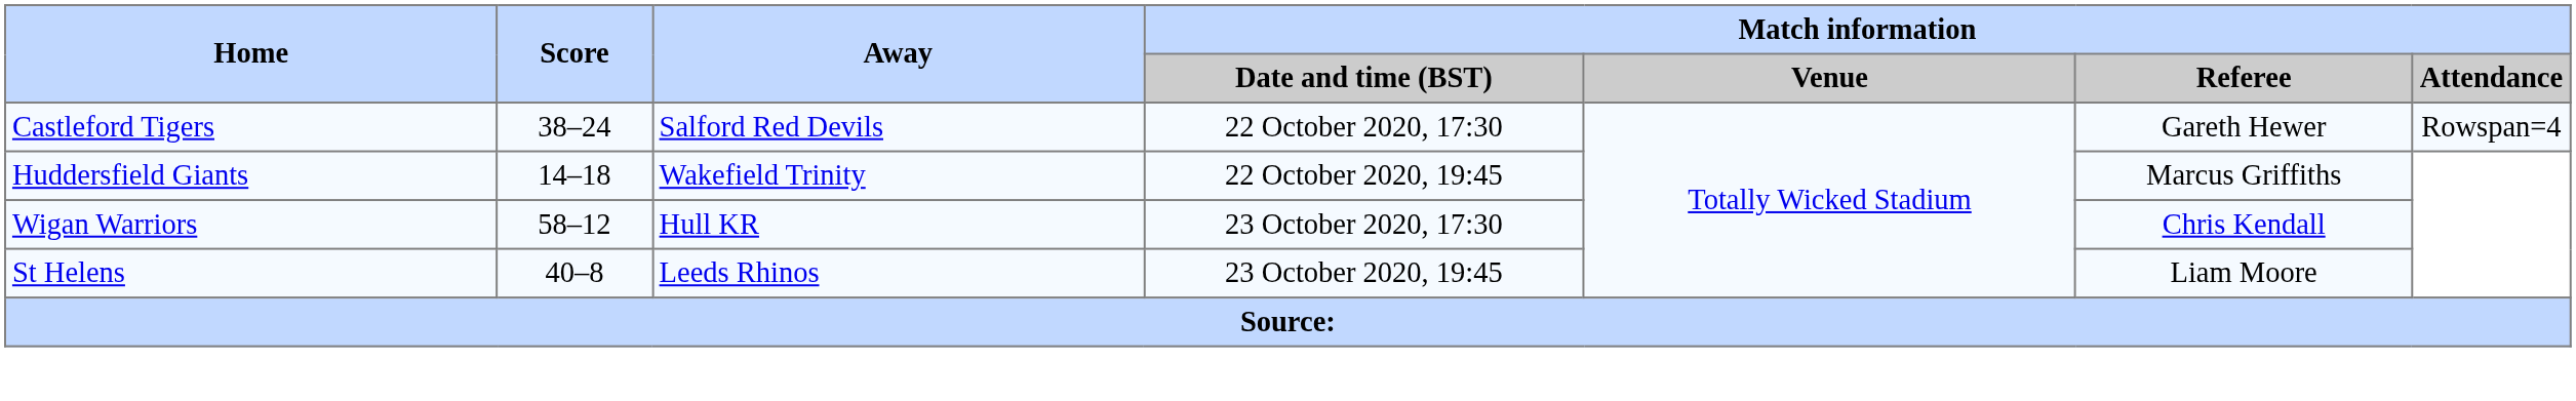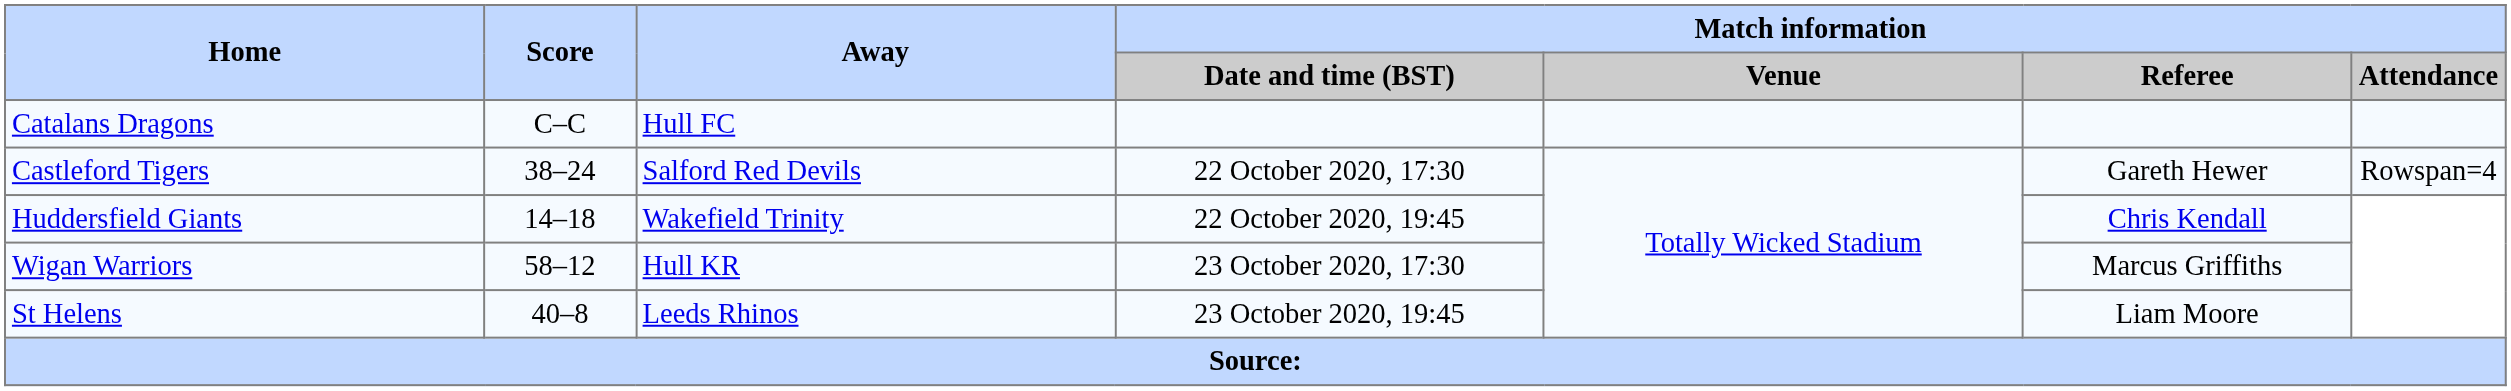 <table border=1 style="border-collapse:collapse; font-size:90%; text-align:center;" cellpadding=3 cellspacing=0 width=100%>
 <tr bgcolor=#C1D8FF>
 <th rowspan=2 width=19%>Home</th>
 <th rowspan=2 width=6%>Score</th>
 <th rowspan=2 width=19%>Away</th>
 <th colspan=4>Match information</th>
 </tr>
 <tr bgcolor=#CCCCCC>
 <th width=17%>Date and time (BST)</th>
 <th width=19%>Venue</th>
 <th width=13%>Referee</th>
 <th width=6%>Attendance</th>
+</tr>
+<tr bgcolor=#F5FAFF>
+<td align=left> <a href='#'>Catalans Dragons</a></td>
+<td>C–C</td>
+<td align=left> <a href='#'>Hull FC</a></td>
+<td></td>
+<td></td>
+<td></td>
+<td></td>
 </tr>
 <tr bgcolor=#F5FAFF>
 <td align=left> <a href='#'>Castleford Tigers</a></td>
 <td>38–24</td>
 <td align=left> <a href='#'>Salford Red Devils</a></td>
 <td>22 October 2020, 17:30</td>
 <td Rowspan=4><a href='#'>Totally Wicked Stadium</a></td>
 <td>Gareth Hewer</td>
 <td>Rowspan=4</td>
 </tr>
 <tr bgcolor=#F5FAFF>
 <td align=left> <a href='#'>Huddersfield Giants</a></td>
 <td>14–18</td>
 <td align=left> <a href='#'>Wakefield Trinity</a></td>
 <td>22 October 2020, 19:45</td>
-<td>Marcus Griffiths</td>
+<td><a href='#'>Chris Kendall</a></td>
 </tr>
 <tr bgcolor=#F5FAFF>
 <td align=left> <a href='#'>Wigan Warriors</a></td>
 <td>58–12</td>
 <td align=left> <a href='#'>Hull KR</a></td>
 <td>23 October 2020, 17:30</td>
-<td><a href='#'>Chris Kendall</a></td>
+<td>Marcus Griffiths</td>
 </tr>
 <tr bgcolor=#F5FAFF>
 <td align=left> <a href='#'>St Helens</a></td>
 <td>40–8</td>
 <td align=left> <a href='#'>Leeds Rhinos</a></td>
 <td>23 October 2020, 19:45</td>
 <td>Liam Moore</td>
 </tr>
 <tr style="background:#c1d8ff;">
 <th colspan=7>Source:</th>
 </tr>
 </table>
